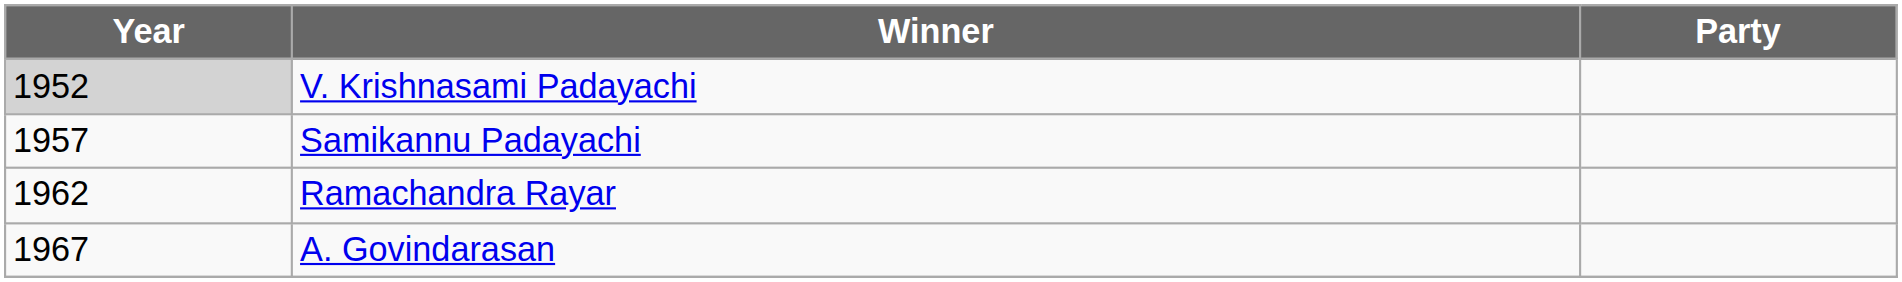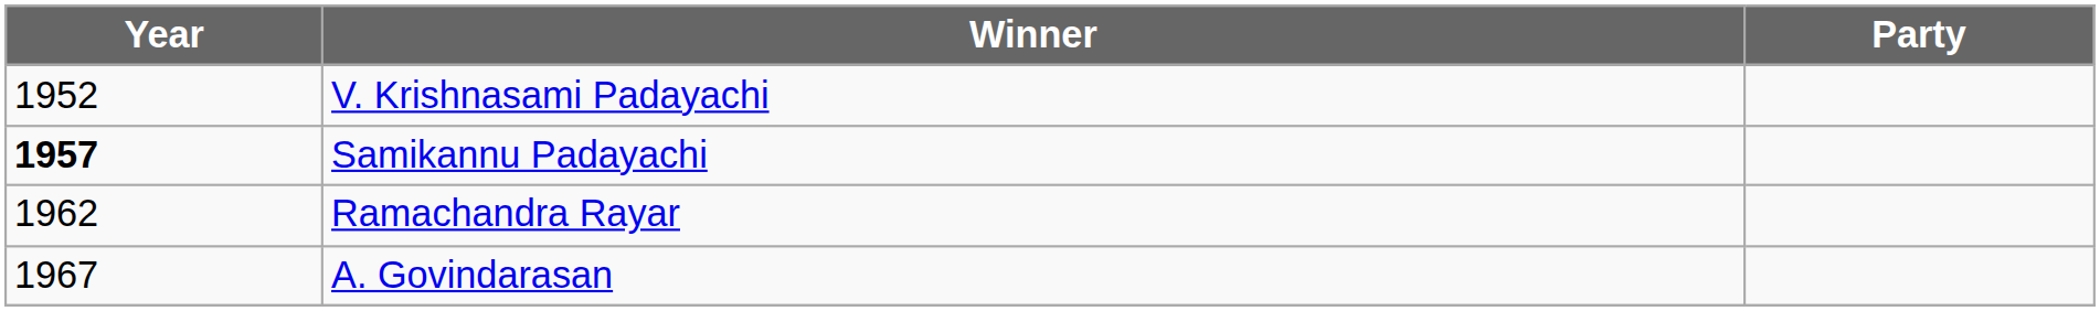 <table class="wikitable sortable" width="70%">
 <tr>
 <th style="background-color:#666666; color:white">Year</th>
 <th style="background-color:#666666; color:white">Winner</th>
 <th style="background-color:#666666; color:white" colspan="2">Party</th>
 </tr>
 <tr>
-<td style="background: lightgrey;">1952</td>
+<td>1952</td>
 <td><a href='#'>V. Krishnasami Padayachi</a></td>
 <td></td>
 </tr>
 <tr>
-<td>1957</td>
+<td><strong>1957</strong></td>
 <td><a href='#'>Samikannu Padayachi</a></td>
 <td></td>
 </tr>
 <tr>
 <td>1962</td>
 <td><a href='#'>Ramachandra Rayar</a></td>
 <td></td>
 </tr>
 <tr>
 <td>1967</td>
 <td><a href='#'>A. Govindarasan</a></td>
 <td></td>
 </tr>
 <tr>
 </tr>
 </table>
